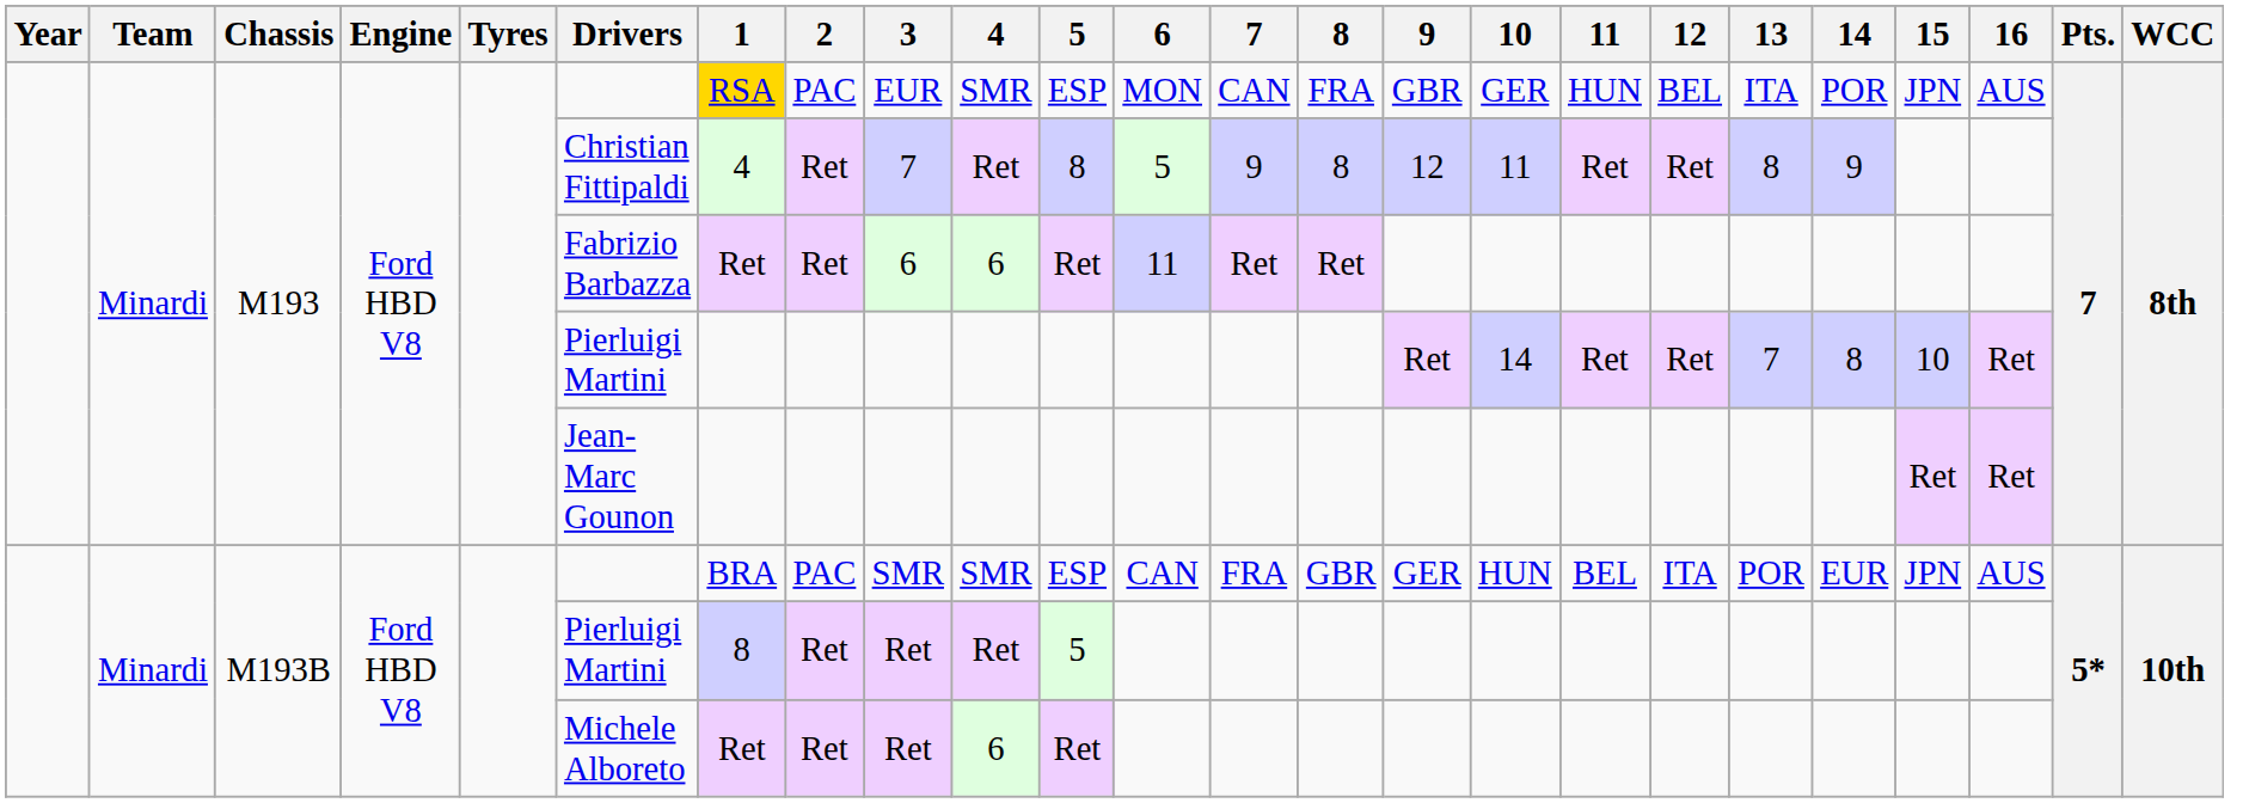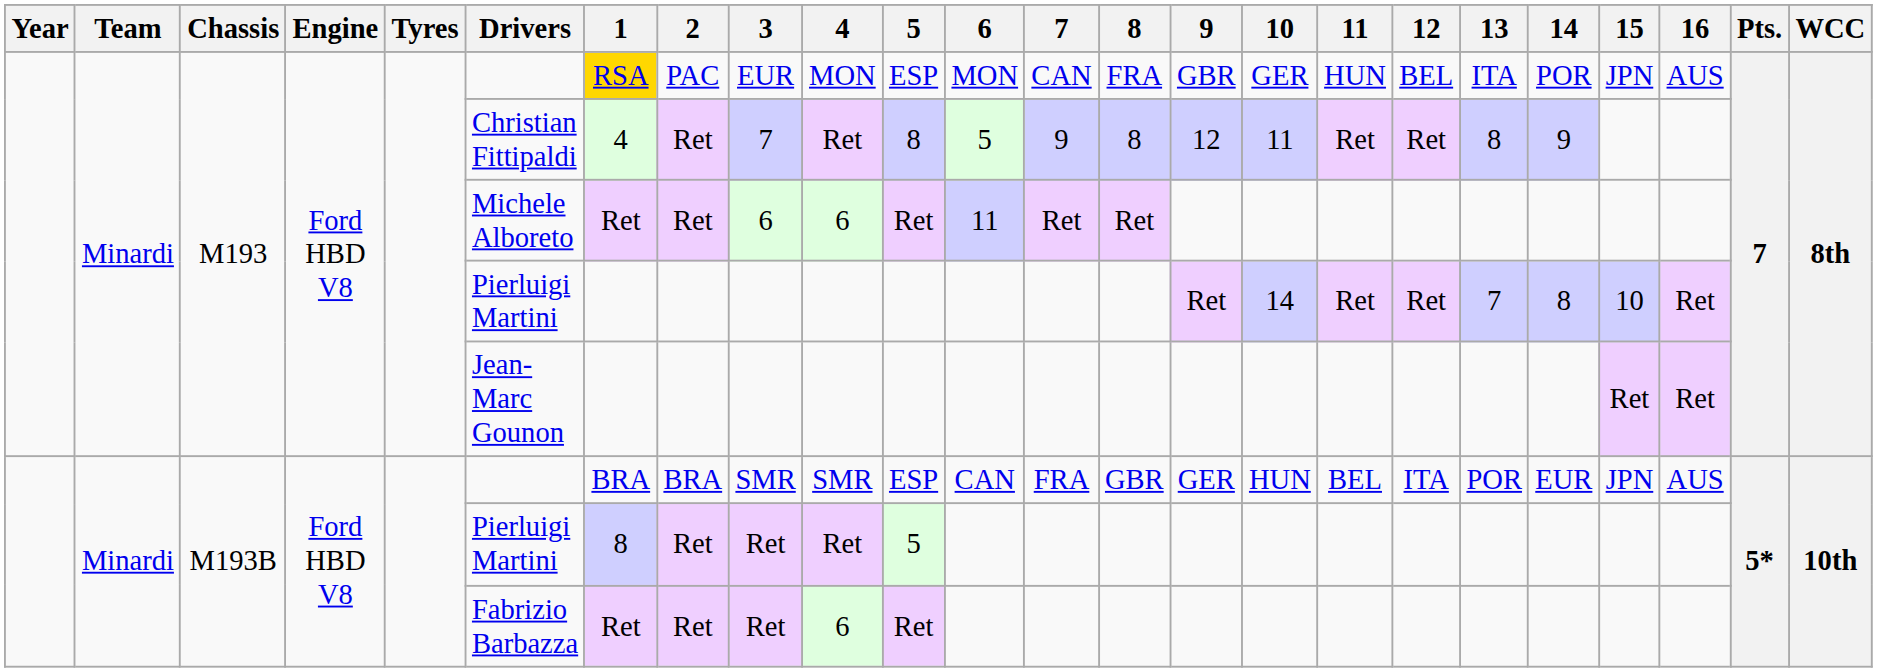 <table class="wikitable" style="text-align:center; font-size:95%">
 <tr>
 <th>Year</th>
 <th>Team</th>
 <th>Chassis</th>
 <th>Engine</th>
 <th>Tyres</th>
 <th>Drivers</th>
 <th>1</th>
 <th>2</th>
 <th>3</th>
 <th>4</th>
 <th>5</th>
 <th>6</th>
 <th>7</th>
 <th>8</th>
 <th>9</th>
 <th>10</th>
 <th>11</th>
 <th>12</th>
 <th>13</th>
 <th>14</th>
 <th>15</th>
 <th>16</th>
 <th>Pts.</th>
 <th>WCC</th>
 </tr>
 <tr>
 <td rowspan="5"></td>
 <td rowspan="5"><a href='#'>Minardi</a></td>
 <td rowspan="5">M193</td>
 <td rowspan="5"><a href='#'>Ford</a> HBD<br><a href='#'>V8</a></td>
 <td rowspan="5"></td>
 <td></td>
 <td style="background: gold;"><a href='#'>RSA</a></td>
 <td><a href='#'>PAC</a></td>
 <td><a href='#'>EUR</a></td>
-<td><a href='#'>SMR</a></td>
+<td><a href='#'>MON</a></td>
 <td><a href='#'>ESP</a></td>
 <td><a href='#'>MON</a></td>
 <td><a href='#'>CAN</a></td>
 <td><a href='#'>FRA</a></td>
 <td><a href='#'>GBR</a></td>
 <td><a href='#'>GER</a></td>
 <td><a href='#'>HUN</a></td>
 <td><a href='#'>BEL</a></td>
 <td><a href='#'>ITA</a></td>
 <td><a href='#'>POR</a></td>
 <td><a href='#'>JPN</a></td>
 <td><a href='#'>AUS</a></td>
 <th rowspan="5">7</th>
 <th rowspan="5">8th</th>
 </tr>
 <tr>
 <td align="left"><a href='#'>Christian Fittipaldi</a></td>
 <td style="background:#dfffdf;">4</td>
 <td style="background:#efcfff;">Ret</td>
 <td style="background:#cfcfff;">7</td>
 <td style="background:#efcfff;">Ret</td>
 <td style="background:#cfcfff;">8</td>
 <td style="background:#dfffdf;">5</td>
 <td style="background:#cfcfff;">9</td>
 <td style="background:#cfcfff;">8</td>
 <td style="background:#cfcfff;">12</td>
 <td style="background:#cfcfff;">11</td>
 <td style="background:#efcfff;">Ret</td>
 <td style="background:#efcfff;">Ret</td>
 <td style="background:#cfcfff;">8</td>
 <td style="background:#cfcfff;">9</td>
 <td></td>
 <td></td>
 </tr>
 <tr>
-<td align="left"><a href='#'>Fabrizio Barbazza</a></td>
+<td align="left"><a href='#'>Michele Alboreto</a></td>
 <td style="background:#efcfff;">Ret</td>
 <td style="background:#efcfff;">Ret</td>
 <td style="background:#dfffdf;">6</td>
 <td style="background:#dfffdf;">6</td>
 <td style="background:#efcfff;">Ret</td>
 <td style="background:#cfcfff;">11</td>
 <td style="background:#efcfff;">Ret</td>
 <td style="background:#efcfff;">Ret</td>
 <td></td>
 <td></td>
 <td></td>
 <td></td>
 <td></td>
 <td></td>
 <td></td>
 <td></td>
 </tr>
 <tr>
 <td align="left"><a href='#'>Pierluigi Martini</a></td>
 <td></td>
 <td></td>
 <td></td>
 <td></td>
 <td></td>
 <td></td>
 <td></td>
 <td></td>
 <td style="background:#efcfff;">Ret</td>
 <td style="background:#cfcfff;">14</td>
 <td style="background:#efcfff;">Ret</td>
 <td style="background:#efcfff;">Ret</td>
 <td style="background:#cfcfff;">7</td>
 <td style="background:#cfcfff;">8</td>
 <td style="background:#cfcfff;">10</td>
 <td style="background:#efcfff;">Ret</td>
 </tr>
 <tr>
 <td align="left"><a href='#'>Jean-Marc Gounon</a></td>
 <td></td>
 <td></td>
 <td></td>
 <td></td>
 <td></td>
 <td></td>
 <td></td>
 <td></td>
 <td></td>
 <td></td>
 <td></td>
 <td></td>
 <td></td>
 <td></td>
 <td style="background:#efcfff;">Ret</td>
 <td style="background:#efcfff;">Ret</td>
 </tr>
 <tr>
 <td rowspan="3"></td>
 <td rowspan="3"><a href='#'>Minardi</a></td>
 <td rowspan="3">M193B</td>
 <td rowspan="3"><a href='#'>Ford</a> HBD<br><a href='#'>V8</a></td>
 <td rowspan="3"></td>
 <td></td>
 <td><a href='#'>BRA</a></td>
-<td><a href='#'>PAC</a></td>
+<td><a href='#'>BRA</a></td>
 <td><a href='#'>SMR</a></td>
 <td><a href='#'>SMR</a></td>
 <td><a href='#'>ESP</a></td>
 <td><a href='#'>CAN</a></td>
 <td><a href='#'>FRA</a></td>
 <td><a href='#'>GBR</a></td>
 <td><a href='#'>GER</a></td>
 <td><a href='#'>HUN</a></td>
 <td><a href='#'>BEL</a></td>
 <td><a href='#'>ITA</a></td>
 <td><a href='#'>POR</a></td>
 <td><a href='#'>EUR</a></td>
 <td><a href='#'>JPN</a></td>
 <td><a href='#'>AUS</a></td>
 <th rowspan="3">5*</th>
 <th rowspan="3">10th</th>
 </tr>
 <tr>
 <td align="left"><a href='#'>Pierluigi Martini</a></td>
 <td style="background:#cfcfff;">8</td>
 <td style="background:#efcfff;">Ret</td>
 <td style="background:#efcfff;">Ret</td>
 <td style="background:#efcfff;">Ret</td>
 <td style="background:#dfffdf;">5</td>
 <td></td>
 <td></td>
 <td></td>
 <td></td>
 <td></td>
 <td></td>
 <td></td>
 <td></td>
 <td></td>
 <td></td>
 <td></td>
 </tr>
 <tr>
-<td align="left"><a href='#'>Michele Alboreto</a></td>
+<td align="left"><a href='#'>Fabrizio Barbazza</a></td>
 <td style="background:#efcfff;">Ret</td>
 <td style="background:#efcfff;">Ret</td>
 <td style="background:#efcfff;">Ret</td>
 <td style="background:#dfffdf;">6</td>
 <td style="background:#efcfff;">Ret</td>
 <td></td>
 <td></td>
 <td></td>
 <td></td>
 <td></td>
 <td></td>
 <td></td>
 <td></td>
 <td></td>
 <td></td>
 <td></td>
 </tr>
 </table>
